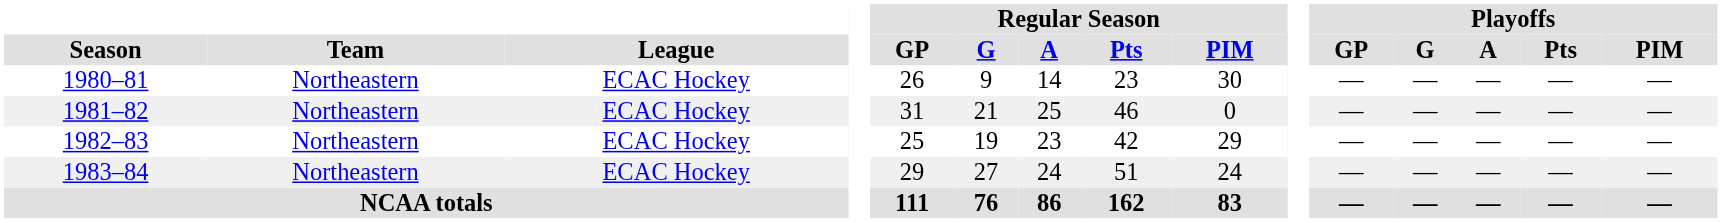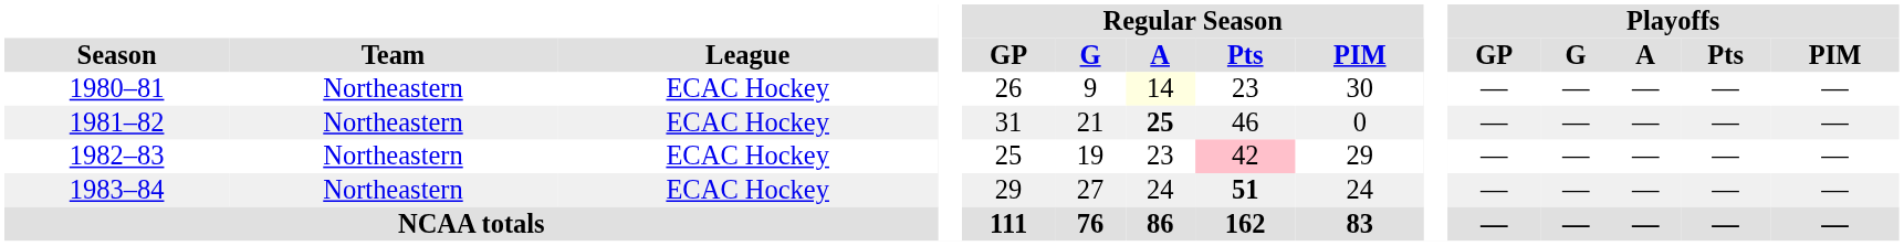 <table border="0" cellpadding="1" cellspacing="0" style="text-align:center; width:70em">
 <tr bgcolor="#e0e0e0">
 <th colspan="3"  bgcolor="#ffffff"> </th>
 <th rowspan="99" bgcolor="#ffffff"> </th>
 <th colspan="5">Regular Season</th>
 <th rowspan="99" bgcolor="#ffffff"> </th>
 <th colspan="5">Playoffs</th>
 </tr>
 <tr bgcolor="#e0e0e0">
 <th>Season</th>
 <th>Team</th>
 <th>League</th>
 <th>GP</th>
 <th><a href='#'>G</a></th>
 <th><a href='#'>A</a></th>
 <th><a href='#'>Pts</a></th>
 <th><a href='#'>PIM</a></th>
 <th>GP</th>
 <th>G</th>
 <th>A</th>
 <th>Pts</th>
 <th>PIM</th>
 </tr>
 <tr>
 <td><a href='#'>1980–81</a></td>
 <td><a href='#'>Northeastern</a></td>
 <td><a href='#'>ECAC Hockey</a></td>
 <td>26</td>
 <td>9</td>
-<td>14</td>
+<td style="background: lightyellow;">14</td>
 <td>23</td>
 <td>30</td>
 <td>—</td>
 <td>—</td>
 <td>—</td>
 <td>—</td>
 <td>—</td>
 </tr>
 <tr bgcolor="f0f0f0">
 <td><a href='#'>1981–82</a></td>
 <td><a href='#'>Northeastern</a></td>
 <td><a href='#'>ECAC Hockey</a></td>
 <td>31</td>
 <td>21</td>
-<td>25</td>
+<td><strong>25</strong></td>
 <td>46</td>
 <td>0</td>
 <td>—</td>
 <td>—</td>
 <td>—</td>
 <td>—</td>
 <td>—</td>
 </tr>
 <tr>
 <td><a href='#'>1982–83</a></td>
 <td><a href='#'>Northeastern</a></td>
 <td><a href='#'>ECAC Hockey</a></td>
 <td>25</td>
 <td>19</td>
 <td>23</td>
-<td>42</td>
+<td style="background: pink;">42</td>
 <td>29</td>
 <td>—</td>
 <td>—</td>
 <td>—</td>
 <td>—</td>
 <td>—</td>
 </tr>
 <tr bgcolor="f0f0f0">
 <td><a href='#'>1983–84</a></td>
 <td><a href='#'>Northeastern</a></td>
 <td><a href='#'>ECAC Hockey</a></td>
 <td>29</td>
 <td>27</td>
 <td>24</td>
-<td>51</td>
+<td><strong>51</strong></td>
 <td>24</td>
 <td>—</td>
 <td>—</td>
 <td>—</td>
 <td>—</td>
 <td>—</td>
 </tr>
 <tr bgcolor="#e0e0e0">
 <th colspan="3">NCAA totals</th>
 <th>111</th>
 <th>76</th>
 <th>86</th>
 <th>162</th>
 <th>83</th>
 <th>—</th>
 <th>—</th>
 <th>—</th>
 <th>—</th>
 <th>—</th>
 </tr>
 </table>
